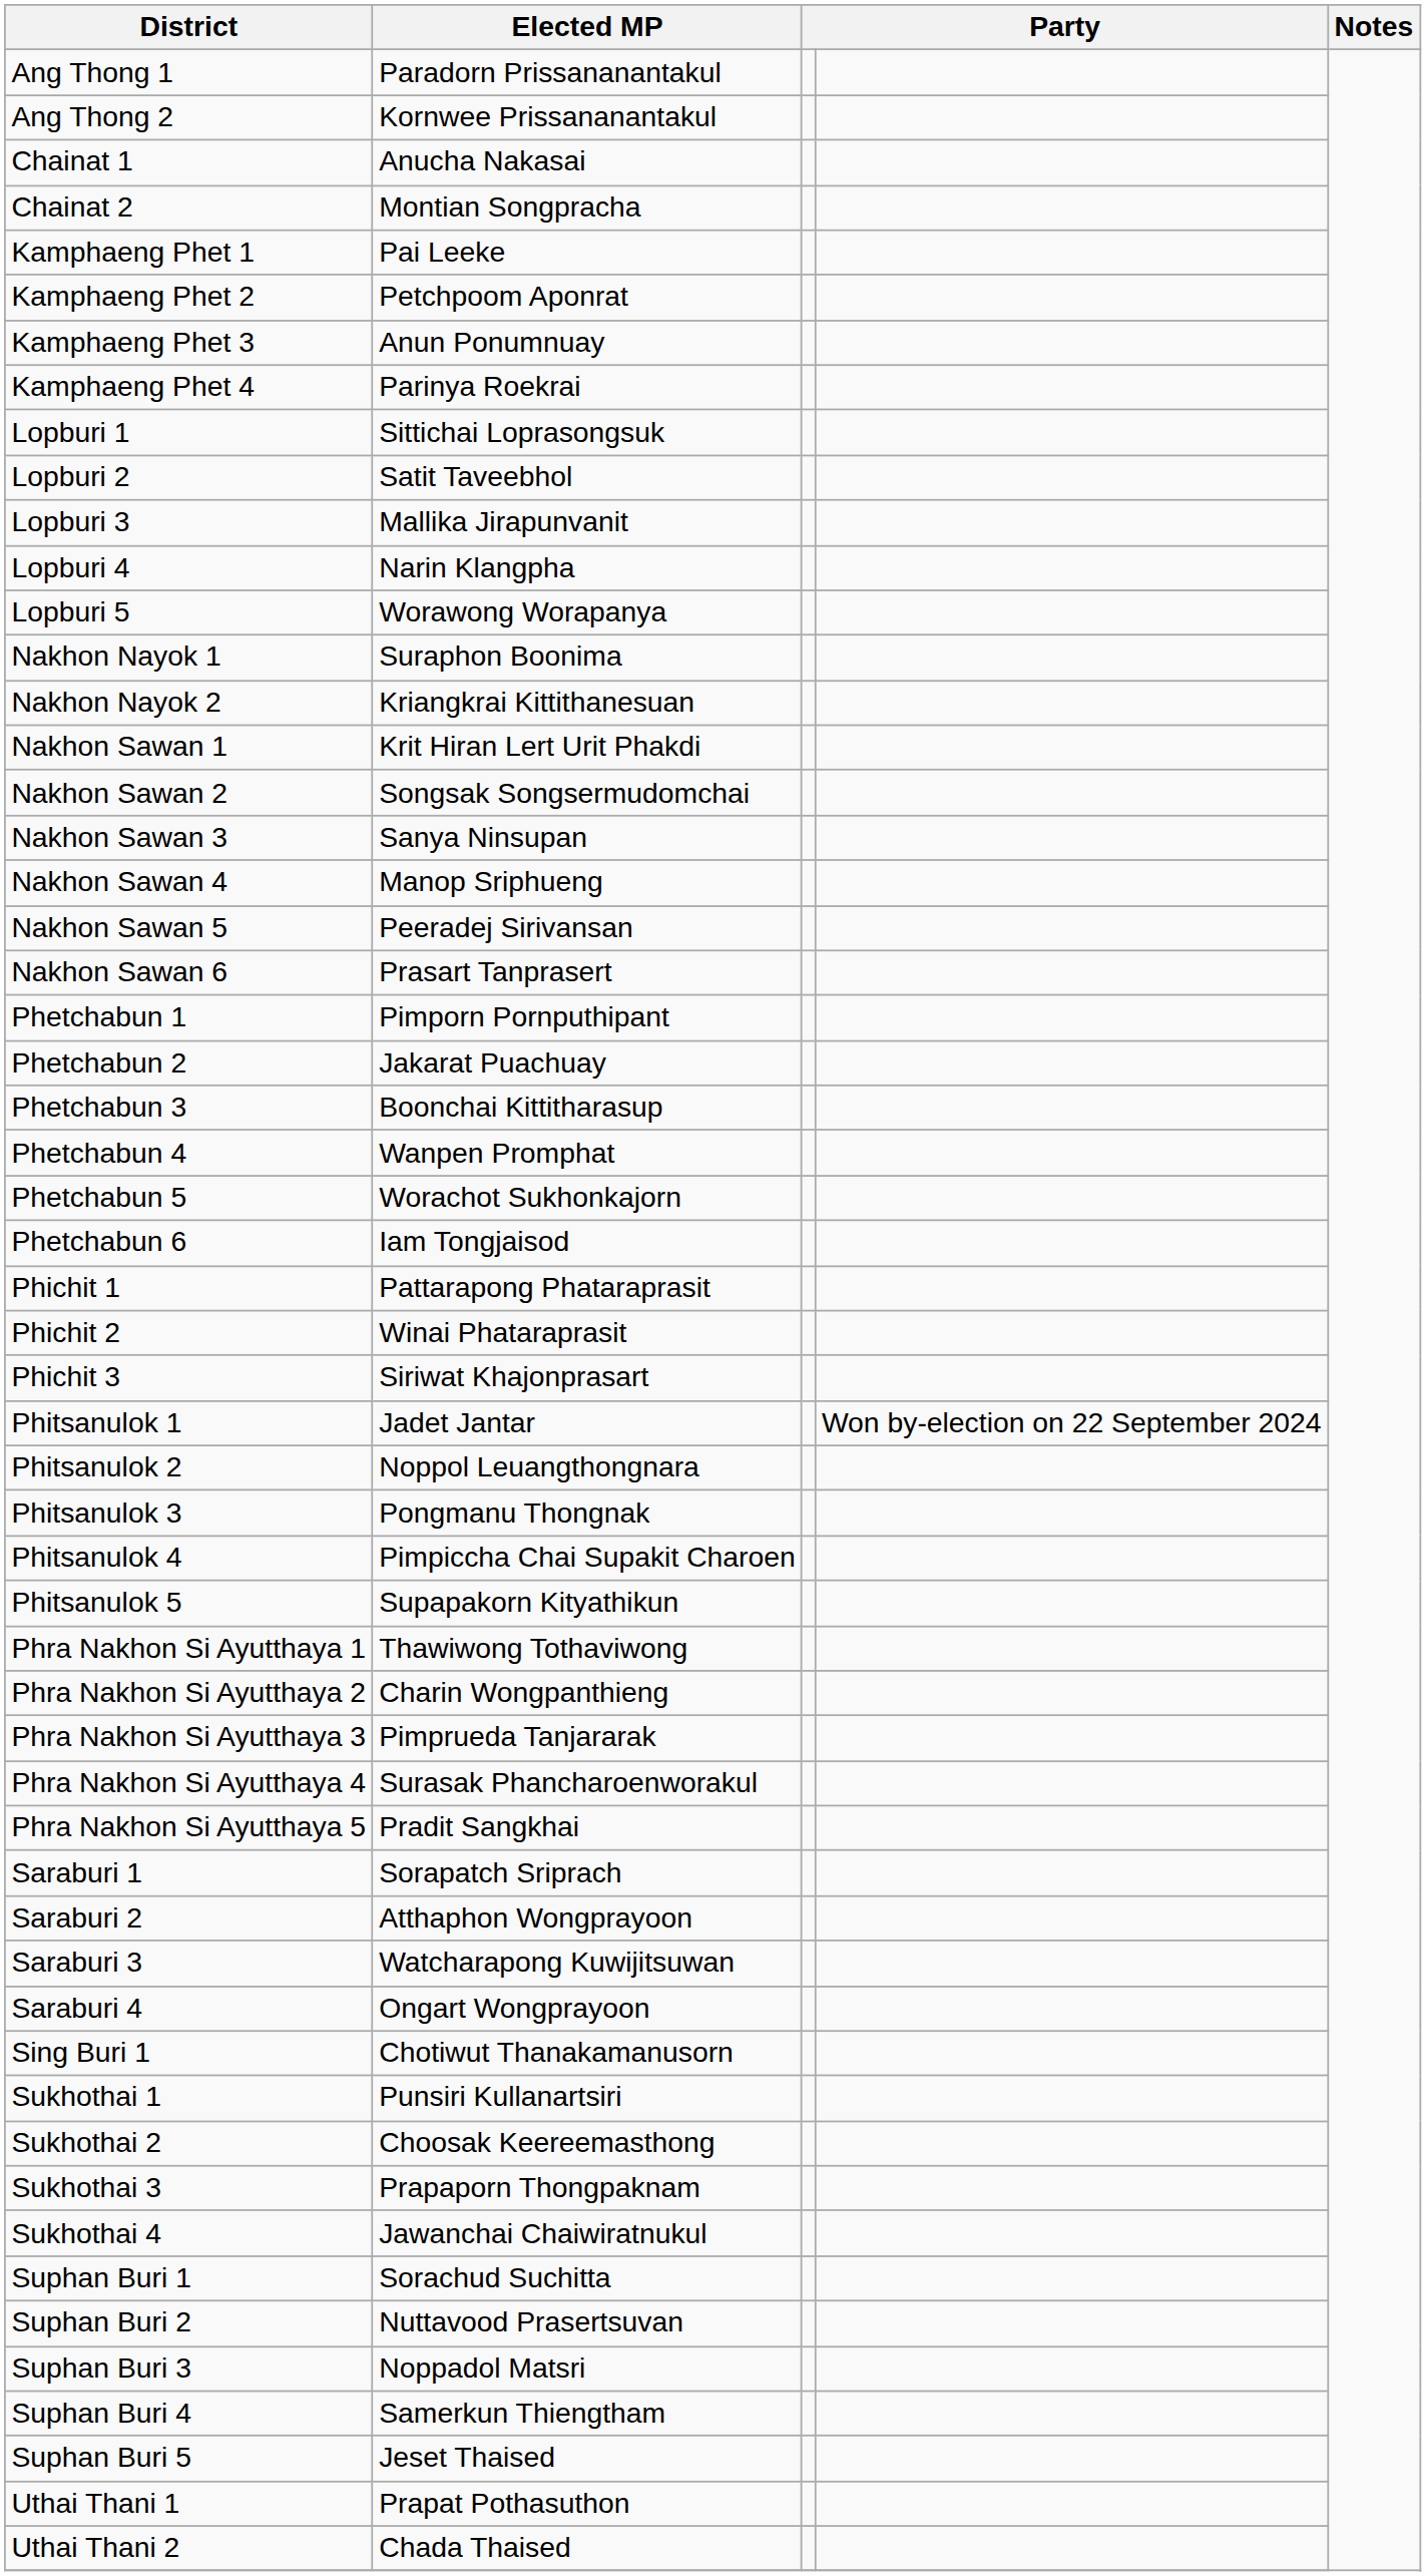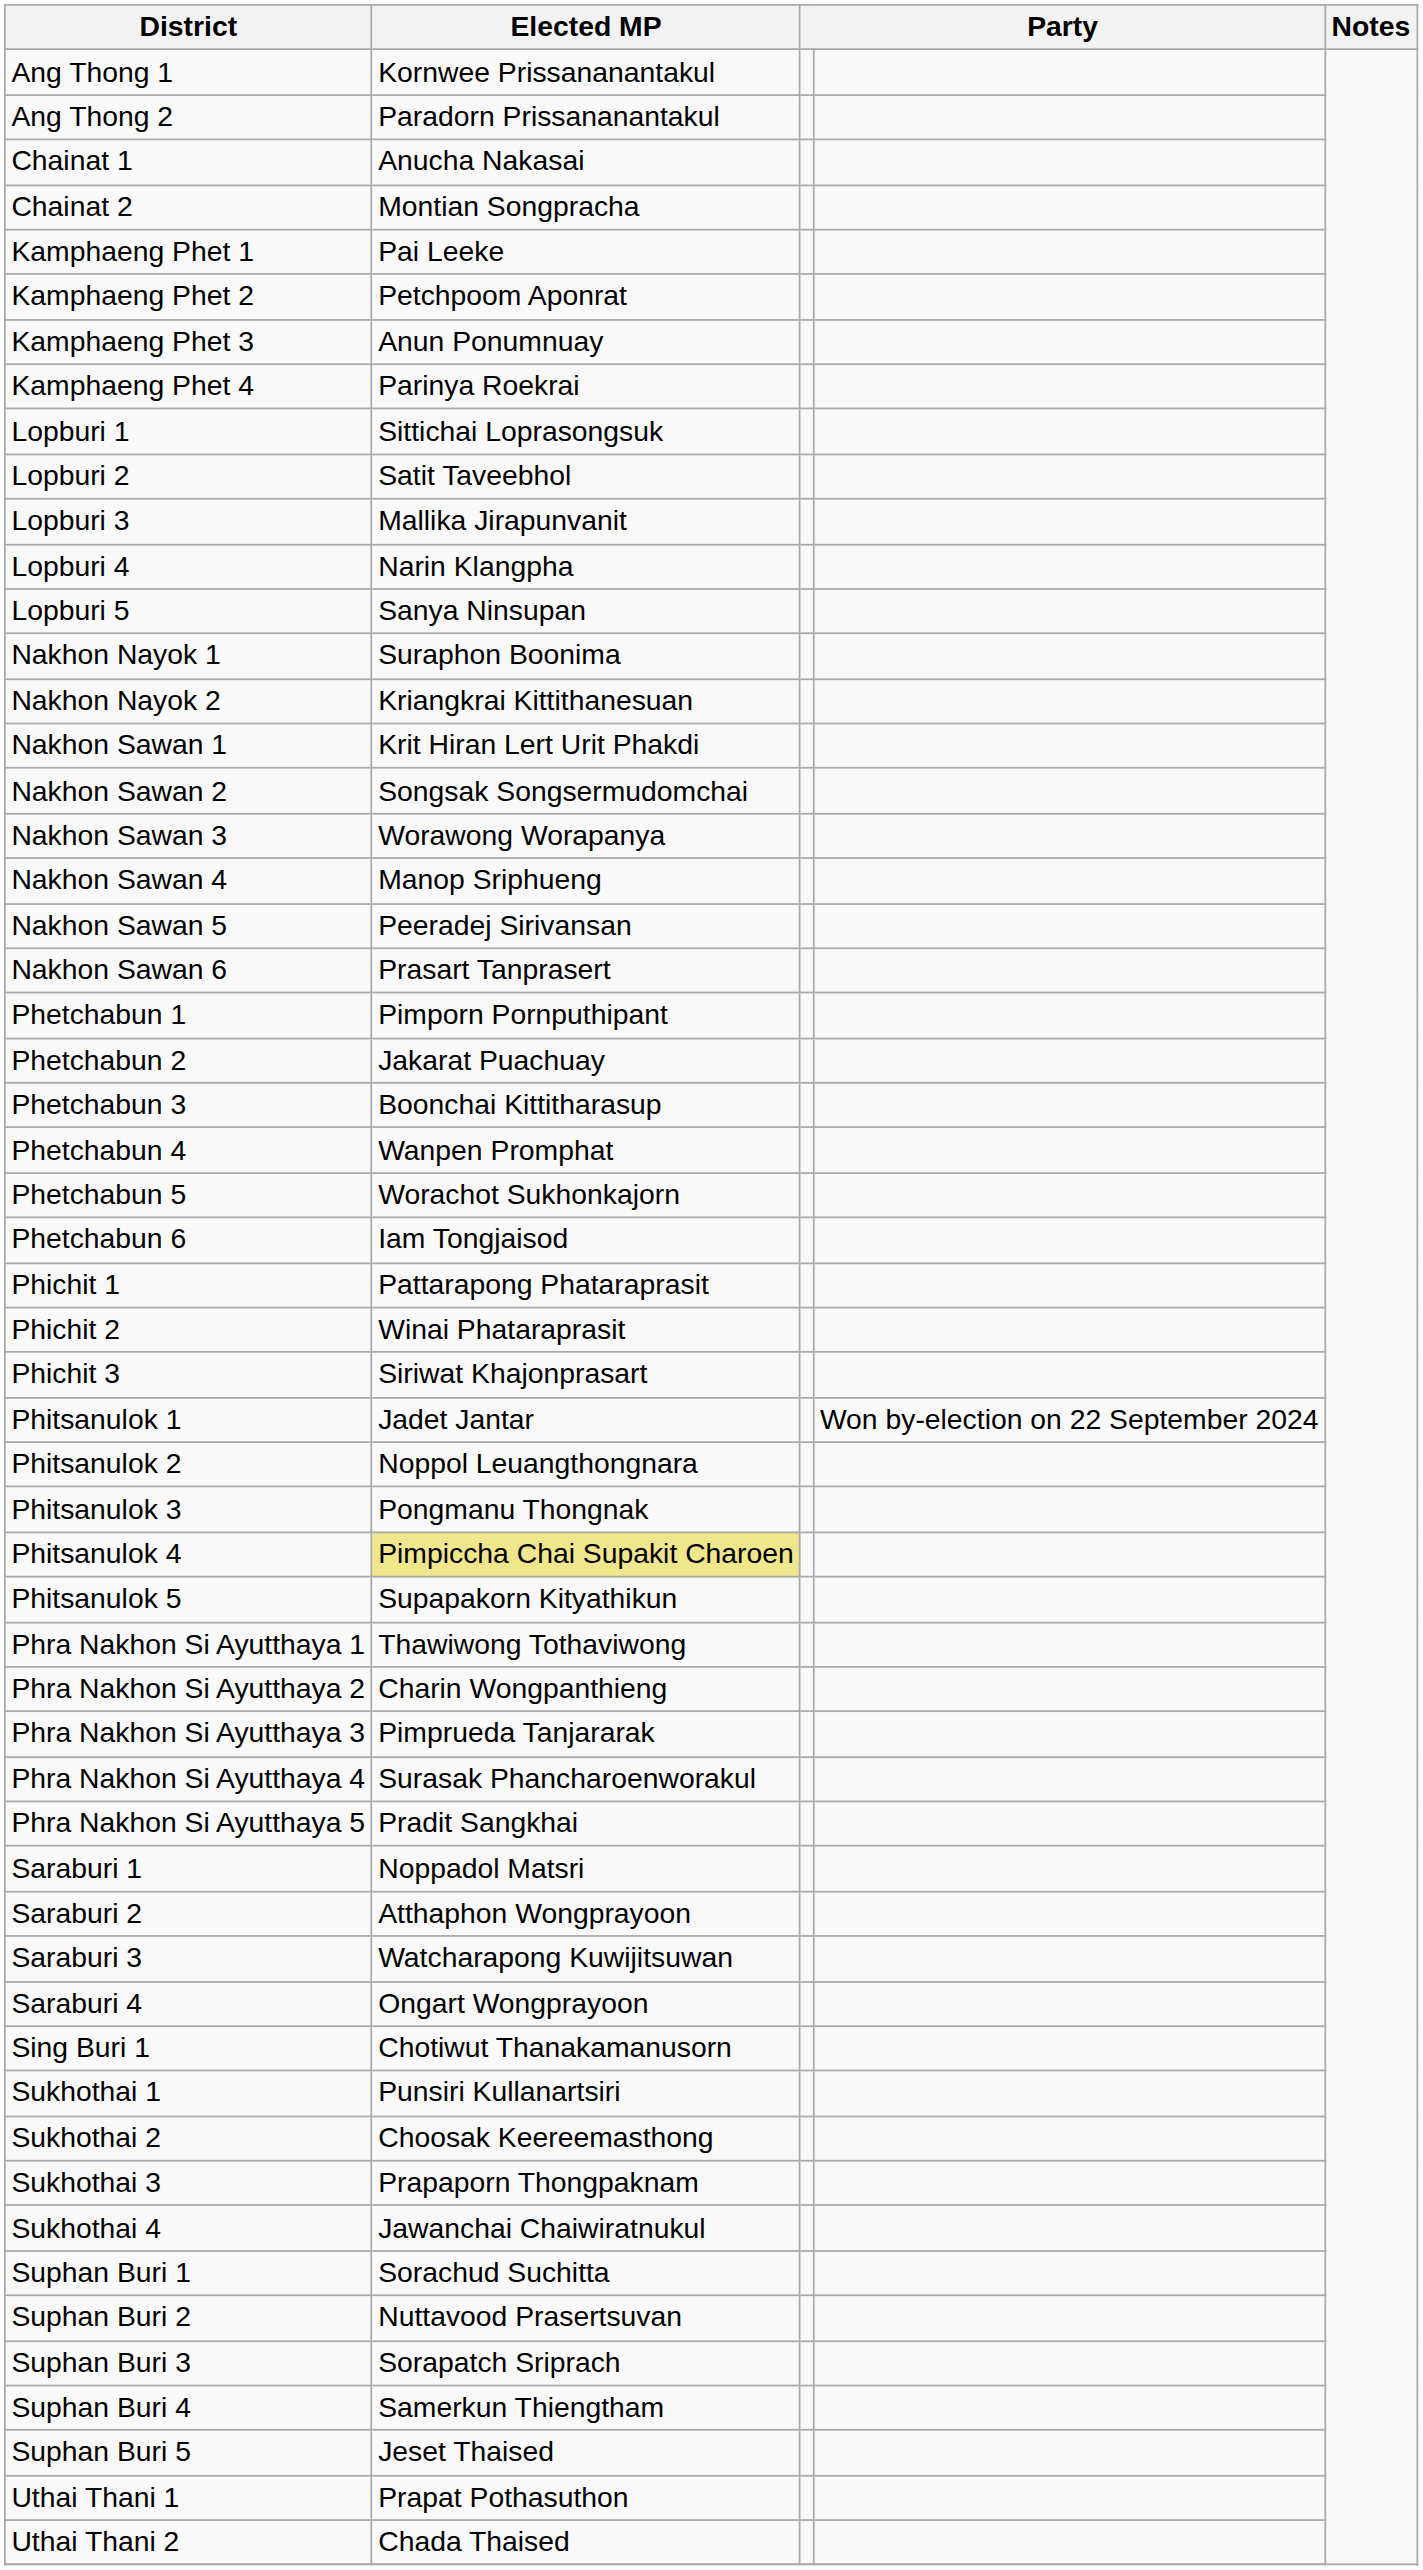 <table class="wikitable sortable">
 <tr>
 <th>District</th>
 <th>Elected MP</th>
 <th colspan=2>Party</th>
 <th>Notes</th>
 </tr>
 <tr>
 <td>Ang Thong 1</td>
-<td>Paradorn Prissananantakul</td>
+<td>Kornwee Prissananantakul</td>
 <td></td>
 <td></td>
 </tr>
 <tr>
 <td>Ang Thong 2</td>
-<td>Kornwee Prissananantakul</td>
+<td>Paradorn Prissananantakul</td>
 <td></td>
 <td></td>
 </tr>
 <tr>
 <td>Chainat 1</td>
 <td>Anucha Nakasai</td>
 <td></td>
 <td></td>
 </tr>
 <tr>
 <td>Chainat 2</td>
 <td>Montian Songpracha</td>
 <td></td>
 <td></td>
 </tr>
 <tr>
 <td>Kamphaeng Phet 1</td>
 <td>Pai Leeke</td>
 <td></td>
 <td></td>
 </tr>
 <tr>
 <td>Kamphaeng Phet 2</td>
 <td>Petchpoom Aponrat</td>
 <td></td>
 <td></td>
 </tr>
 <tr>
 <td>Kamphaeng Phet 3</td>
 <td>Anun Ponumnuay</td>
 <td></td>
 <td></td>
 </tr>
 <tr>
 <td>Kamphaeng Phet 4</td>
 <td>Parinya Roekrai</td>
 <td></td>
 <td></td>
 </tr>
 <tr>
 <td>Lopburi 1</td>
 <td>Sittichai Loprasongsuk</td>
 <td></td>
 <td></td>
 </tr>
 <tr>
 <td>Lopburi 2</td>
 <td>Satit Taveebhol</td>
 <td></td>
 <td></td>
 </tr>
 <tr>
 <td>Lopburi 3</td>
 <td>Mallika Jirapunvanit</td>
 <td></td>
 <td></td>
 </tr>
 <tr>
 <td>Lopburi 4</td>
 <td>Narin Klangpha</td>
 <td></td>
 <td></td>
 </tr>
 <tr>
 <td>Lopburi 5</td>
-<td>Worawong Worapanya</td>
+<td>Sanya Ninsupan</td>
 <td></td>
 <td></td>
 </tr>
 <tr>
 <td>Nakhon Nayok 1</td>
 <td>Suraphon Boonima</td>
 <td></td>
 <td></td>
 </tr>
 <tr>
 <td>Nakhon Nayok 2</td>
 <td>Kriangkrai Kittithanesuan</td>
 <td></td>
 <td></td>
 </tr>
 <tr>
 <td>Nakhon Sawan 1</td>
 <td>Krit Hiran Lert Urit Phakdi</td>
 <td></td>
 <td></td>
 </tr>
 <tr>
 <td>Nakhon Sawan 2</td>
 <td>Songsak Songsermudomchai</td>
 <td></td>
 <td></td>
 </tr>
 <tr>
 <td>Nakhon Sawan 3</td>
-<td>Sanya Ninsupan</td>
+<td>Worawong Worapanya</td>
 <td></td>
 <td></td>
 </tr>
 <tr>
 <td>Nakhon Sawan 4</td>
 <td>Manop Sriphueng</td>
 <td></td>
 <td></td>
 </tr>
 <tr>
 <td>Nakhon Sawan 5</td>
 <td>Peeradej Sirivansan</td>
 <td></td>
 <td></td>
 </tr>
 <tr>
 <td>Nakhon Sawan 6</td>
 <td>Prasart Tanprasert</td>
 <td></td>
 <td></td>
 </tr>
 <tr>
 <td>Phetchabun 1</td>
 <td>Pimporn Pornputhipant</td>
 <td></td>
 <td></td>
 </tr>
 <tr>
 <td>Phetchabun 2</td>
 <td>Jakarat Puachuay</td>
 <td></td>
 <td></td>
 </tr>
 <tr>
 <td>Phetchabun 3</td>
 <td>Boonchai Kittitharasup</td>
 <td></td>
 <td></td>
 </tr>
 <tr>
 <td>Phetchabun 4</td>
 <td>Wanpen Promphat</td>
 <td></td>
 <td></td>
 </tr>
 <tr>
 <td>Phetchabun 5</td>
 <td>Worachot Sukhonkajorn</td>
 <td></td>
 <td></td>
 </tr>
 <tr>
 <td>Phetchabun 6</td>
 <td>Iam Tongjaisod</td>
 <td></td>
 <td></td>
 </tr>
 <tr>
 <td>Phichit 1</td>
 <td>Pattarapong Phataraprasit</td>
 <td></td>
 <td></td>
 </tr>
 <tr>
 <td>Phichit 2</td>
 <td>Winai Phataraprasit</td>
 <td></td>
 <td></td>
 </tr>
 <tr>
 <td>Phichit 3</td>
 <td>Siriwat Khajonprasart</td>
 <td></td>
 <td></td>
 </tr>
 <tr>
 <td>Phitsanulok 1</td>
 <td>Jadet Jantar</td>
 <td></td>
 <td>Won by-election on 22 September 2024</td>
 </tr>
 <tr>
 <td>Phitsanulok 2</td>
 <td>Noppol Leuangthongnara</td>
 <td></td>
 <td></td>
 </tr>
 <tr>
 <td>Phitsanulok 3</td>
 <td>Pongmanu Thongnak</td>
 <td></td>
 <td></td>
 </tr>
 <tr>
 <td>Phitsanulok 4</td>
-<td>Pimpiccha Chai Supakit Charoen</td>
+<td style="background: khaki;">Pimpiccha Chai Supakit Charoen</td>
 <td></td>
 <td></td>
 </tr>
 <tr>
 <td>Phitsanulok 5</td>
 <td>Supapakorn Kityathikun</td>
 <td></td>
 <td></td>
 </tr>
 <tr>
 <td>Phra Nakhon Si Ayutthaya 1</td>
 <td>Thawiwong Tothaviwong</td>
 <td></td>
 <td></td>
 </tr>
 <tr>
 <td>Phra Nakhon Si Ayutthaya 2</td>
 <td>Charin Wongpanthieng</td>
 <td></td>
 <td></td>
 </tr>
 <tr>
 <td>Phra Nakhon Si Ayutthaya 3</td>
 <td>Pimprueda Tanjararak</td>
 <td></td>
 <td></td>
 </tr>
 <tr>
 <td>Phra Nakhon Si Ayutthaya 4</td>
 <td>Surasak Phancharoenworakul</td>
 <td></td>
 <td></td>
 </tr>
 <tr>
 <td>Phra Nakhon Si Ayutthaya 5</td>
 <td>Pradit Sangkhai</td>
 <td></td>
 <td></td>
 </tr>
 <tr>
 <td>Saraburi 1</td>
-<td>Sorapatch Sriprach</td>
+<td>Noppadol Matsri</td>
 <td></td>
 <td></td>
 </tr>
 <tr>
 <td>Saraburi 2</td>
 <td>Atthaphon Wongprayoon</td>
 <td></td>
 <td></td>
 </tr>
 <tr>
 <td>Saraburi 3</td>
 <td>Watcharapong Kuwijitsuwan</td>
 <td></td>
 <td></td>
 </tr>
 <tr>
 <td>Saraburi 4</td>
 <td>Ongart Wongprayoon</td>
 <td></td>
 <td></td>
 </tr>
 <tr>
 <td>Sing Buri 1</td>
 <td>Chotiwut Thanakamanusorn</td>
 <td></td>
 <td></td>
 </tr>
 <tr>
 <td>Sukhothai 1</td>
 <td>Punsiri Kullanartsiri</td>
 <td></td>
 <td></td>
 </tr>
 <tr>
 <td>Sukhothai 2</td>
 <td>Choosak Keereemasthong</td>
 <td></td>
 <td></td>
 </tr>
 <tr>
 <td>Sukhothai 3</td>
 <td>Prapaporn Thongpaknam</td>
 <td></td>
 <td></td>
 </tr>
 <tr>
 <td>Sukhothai 4</td>
 <td>Jawanchai Chaiwiratnukul</td>
 <td></td>
 <td></td>
 </tr>
 <tr>
 <td>Suphan Buri 1</td>
 <td>Sorachud Suchitta</td>
 <td></td>
 <td></td>
 </tr>
 <tr>
 <td>Suphan Buri 2</td>
 <td>Nuttavood Prasertsuvan</td>
 <td></td>
 <td></td>
 </tr>
 <tr>
 <td>Suphan Buri 3</td>
-<td>Noppadol Matsri</td>
+<td>Sorapatch Sriprach</td>
 <td></td>
 <td></td>
 </tr>
 <tr>
 <td>Suphan Buri 4</td>
 <td>Samerkun Thiengtham</td>
 <td></td>
 <td></td>
 </tr>
 <tr>
 <td>Suphan Buri 5</td>
 <td>Jeset Thaised</td>
 <td></td>
 <td></td>
 </tr>
 <tr>
 <td>Uthai Thani 1</td>
 <td>Prapat Pothasuthon</td>
 <td></td>
 <td></td>
 </tr>
 <tr>
 <td>Uthai Thani 2</td>
 <td>Chada Thaised</td>
 <td></td>
 <td></td>
 </tr>
 <tr>
 </tr>
 </table>
